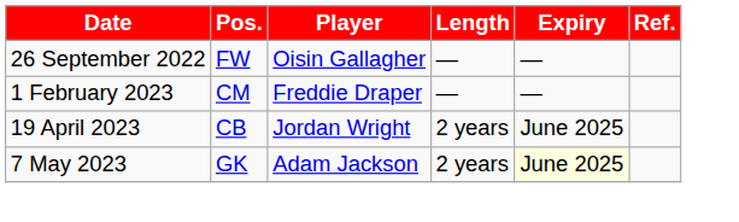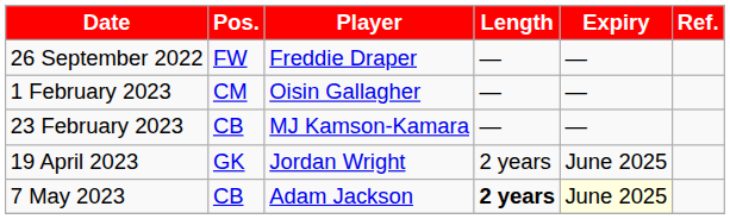 <table class="wikitable plainrowheaders sortable">
 <tr>
 <th style="background:#FF0000; color:#ffffff; ">Date</th>
 <th style="background:#FF0000; color:#ffffff; ">Pos.</th>
 <th style="background:#FF0000; color:#ffffff; ">Player</th>
 <th style="background:#FF0000; color:#ffffff; ">Length</th>
 <th style="background:#FF0000; color:#ffffff; ">Expiry</th>
 <th style="background:#FF0000; color:#ffffff; ">Ref.</th>
 </tr>
 <tr>
 <td>26 September 2022</td>
 <td><a href='#'>FW</a></td>
-<td> <a href='#'>Oisin Gallagher</a></td>
+<td> <a href='#'>Freddie Draper</a></td>
 <td>—</td>
 <td>—</td>
 <td></td>
 </tr>
 <tr>
 <td>1 February 2023</td>
 <td><a href='#'>CM</a></td>
-<td> <a href='#'>Freddie Draper</a></td>
+<td> <a href='#'>Oisin Gallagher</a></td>
+<td>—</td>
+<td>—</td>
+<td></td>
+</tr>
+<tr>
+<td>23 February 2023</td>
+<td><a href='#'>CB</a></td>
+<td> <a href='#'>MJ Kamson-Kamara</a></td>
 <td>—</td>
 <td>—</td>
 <td></td>
 </tr>
 <tr>
 <td>19 April 2023</td>
-<td><a href='#'>CB</a></td>
+<td><a href='#'>GK</a></td>
 <td> <a href='#'>Jordan Wright</a></td>
 <td>2 years</td>
 <td>June 2025</td>
 <td></td>
 </tr>
 <tr>
 <td>7 May 2023</td>
-<td><a href='#'>GK</a></td>
+<td><a href='#'>CB</a></td>
 <td> <a href='#'>Adam Jackson</a></td>
-<td>2 years</td>
+<td><strong>2 years</strong></td>
 <td style="background: lightyellow;">June 2025</td>
 <td></td>
 </tr>
 <tr>
 </tr>
 </table>
